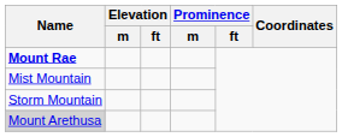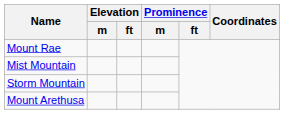 <table class="wikitable sortable">
 <tr>
 <th rowspan=2>Name</th>
 <th colspan=2>Elevation</th>
 <th colspan=2><a href='#'>Prominence</a></th>
 <th rowspan=2>Coordinates</th>
 </tr>
 <tr>
 <th>m</th>
 <th>ft</th>
 <th>m</th>
 <th>ft</th>
 </tr>
 <tr>
-<td><strong><a href='#'>Mount Rae</a></strong></td>
+<td><a href='#'>Mount Rae</a></td>
 <td></td>
 <td></td>
 <td></td>
 </tr>
 <tr>
 <td><a href='#'>Mist Mountain</a></td>
 <td></td>
 <td></td>
 <td></td>
 </tr>
 <tr>
 <td><a href='#'>Storm Mountain</a></td>
 <td></td>
 <td></td>
 <td></td>
 </tr>
 <tr>
-<td style="background: lightgrey;"><a href='#'>Mount Arethusa</a></td>
+<td><a href='#'>Mount Arethusa</a></td>
 <td></td>
 <td></td>
 <td></td>
 </tr>
 </table>
